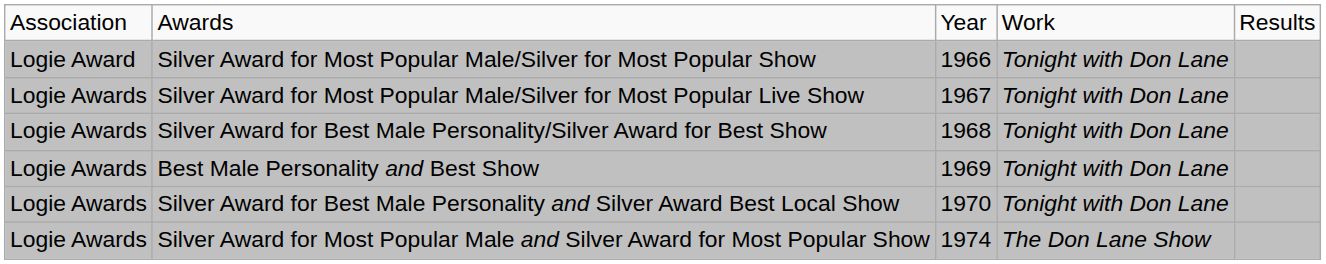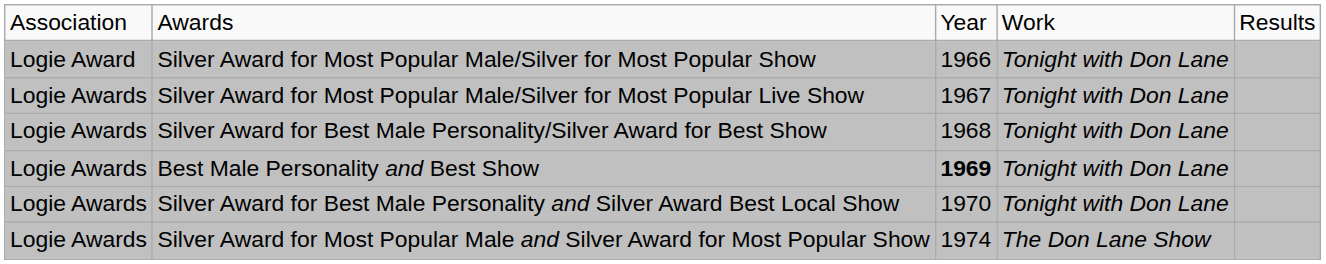 <table class="wikitable">
 <tr>
 <td>Association</td>
 <td>Awards</td>
 <td>Year</td>
 <td>Work</td>
 <td>Results</td>
 </tr>
 <tr bgcolor=silver>
 <td>Logie Award</td>
 <td>Silver Award for Most Popular Male/Silver for Most Popular Show</td>
 <td>1966</td>
 <td><em>Tonight with Don Lane</em></td>
 <td></td>
 </tr>
 <tr bgcolor=silver>
 <td>Logie Awards</td>
 <td>Silver Award for Most Popular Male/Silver for Most Popular Live Show</td>
 <td>1967</td>
 <td><em>Tonight with Don Lane</em></td>
 <td></td>
 </tr>
 <tr bgcolor=silver>
 <td>Logie Awards</td>
 <td>Silver Award for Best Male Personality/Silver Award for Best Show</td>
 <td>1968</td>
 <td><em>Tonight with Don Lane</em></td>
 <td></td>
 </tr>
 <tr bgcolor=silver>
 <td>Logie Awards</td>
 <td>Best Male Personality <em>and</em> Best Show</td>
-<td>1969</td>
+<td><strong>1969</strong></td>
 <td><em>Tonight with Don Lane</em></td>
 <td></td>
 </tr>
 <tr bgcolor=silver>
 <td>Logie Awards</td>
 <td>Silver Award for Best Male Personality <em>and</em> Silver Award Best Local Show</td>
 <td>1970</td>
 <td><em>Tonight with Don Lane</em></td>
 <td></td>
 </tr>
 <tr bgcolor=silver>
 <td>Logie Awards</td>
 <td>Silver Award for Most Popular Male <em>and</em> Silver Award for Most Popular Show</td>
 <td>1974</td>
 <td><em>The Don Lane Show</em></td>
 <td></td>
 </tr>
 </table>
